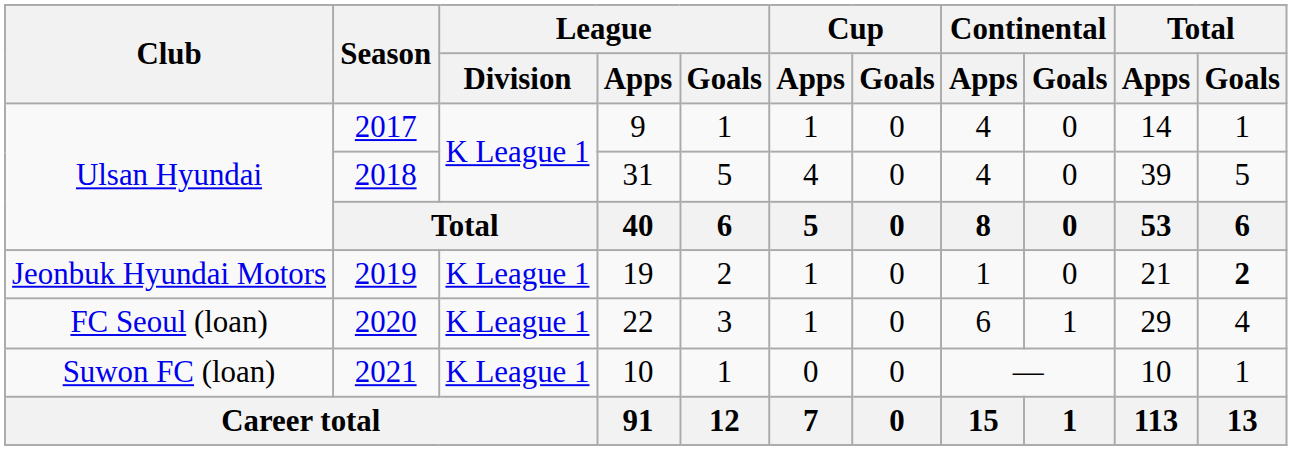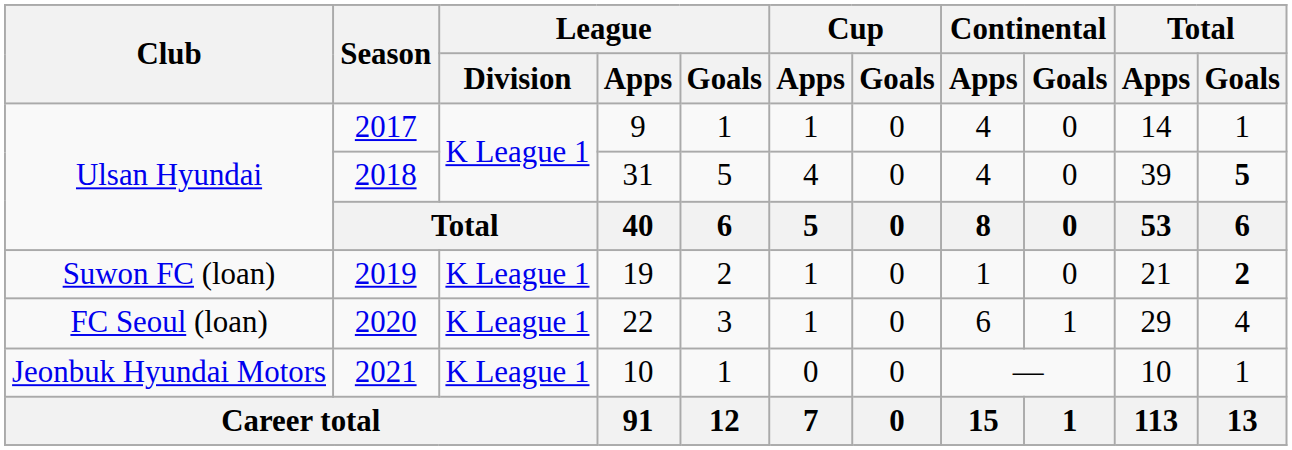 <table class="wikitable" style="text-align: center;">
 <tr>
 <th rowspan="2">Club</th>
 <th rowspan="2">Season</th>
 <th colspan="3">League</th>
 <th colspan="2">Cup</th>
 <th colspan="2">Continental</th>
 <th colspan="2">Total</th>
 </tr>
 <tr>
 <th>Division</th>
 <th>Apps</th>
 <th>Goals</th>
 <th>Apps</th>
 <th>Goals</th>
 <th>Apps</th>
 <th>Goals</th>
 <th>Apps</th>
 <th>Goals</th>
 </tr>
 <tr>
 <td rowspan="3"><a href='#'>Ulsan Hyundai</a></td>
 <td><a href='#'>2017</a></td>
 <td rowspan=2><a href='#'>K League 1</a></td>
 <td>9</td>
 <td>1</td>
 <td>1</td>
 <td>0</td>
 <td>4</td>
 <td>0</td>
 <td>14</td>
 <td>1</td>
 </tr>
 <tr>
 <td><a href='#'>2018</a></td>
 <td>31</td>
 <td>5</td>
 <td>4</td>
 <td>0</td>
 <td>4</td>
 <td>0</td>
 <td>39</td>
-<td>5</td>
+<td><strong>5</strong></td>
 </tr>
 <tr>
 <th colspan="2">Total</th>
 <th>40</th>
 <th>6</th>
 <th>5</th>
 <th>0</th>
 <th>8</th>
 <th>0</th>
 <th>53</th>
 <th>6</th>
 </tr>
 <tr>
-<td rowspan="1"><a href='#'>Jeonbuk Hyundai Motors</a></td>
+<td rowspan="1"><a href='#'>Suwon FC</a> (loan)</td>
 <td><a href='#'>2019</a></td>
 <td rowspan=1><a href='#'>K League 1</a></td>
 <td>19</td>
 <td>2</td>
 <td>1</td>
 <td>0</td>
 <td>1</td>
 <td>0</td>
 <td>21</td>
 <td><strong>2</strong></td>
 </tr>
 <tr>
 <td rowspan="1"><a href='#'>FC Seoul</a> (loan)</td>
 <td><a href='#'>2020</a></td>
 <td rowspan=1><a href='#'>K League 1</a></td>
 <td>22</td>
 <td>3</td>
 <td>1</td>
 <td>0</td>
 <td>6</td>
 <td>1</td>
 <td>29</td>
 <td>4</td>
 </tr>
 <tr>
-<td rowspan="1"><a href='#'>Suwon FC</a> (loan)</td>
+<td rowspan="1"><a href='#'>Jeonbuk Hyundai Motors</a></td>
 <td><a href='#'>2021</a></td>
 <td rowspan=1><a href='#'>K League 1</a></td>
 <td>10</td>
 <td>1</td>
 <td>0</td>
 <td>0</td>
 <td colspan="2">—</td>
 <td>10</td>
 <td>1</td>
 </tr>
 <tr>
 <th colspan="3">Career total</th>
 <th>91</th>
 <th>12</th>
 <th>7</th>
 <th>0</th>
 <th>15</th>
 <th>1</th>
 <th>113</th>
 <th>13</th>
 </tr>
 </table>
